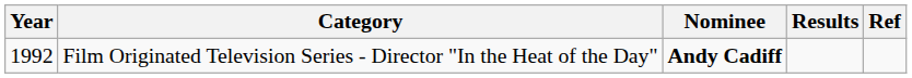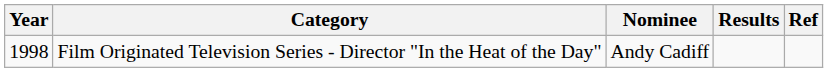 <table class="wikitable">
 <tr>
 <th>Year</th>
 <th>Category</th>
 <th>Nominee</th>
 <th>Results</th>
 <th>Ref</th>
 </tr>
 <tr>
-<td>1992</td>
+<td>1998</td>
 <td>Film Originated Television Series - Director "In the Heat of the Day"</td>
-<td><strong>Andy Cadiff</strong></td>
+<td>Andy Cadiff</td>
 <td></td>
 <td></td>
 </tr>
 </table>
